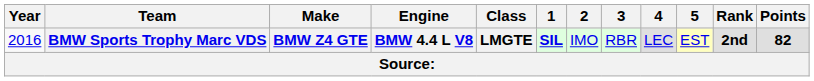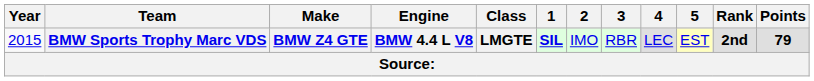 <table class="wikitable" style="text-align:center;">
 <tr>
 <th>Year</th>
 <th>Team</th>
 <th>Make</th>
 <th>Engine</th>
 <th>Class</th>
 <th>1</th>
 <th>2</th>
 <th>3</th>
 <th>4</th>
 <th>5</th>
 <th>Rank</th>
 <th>Points</th>
 </tr>
 <tr>
-<td><a href='#'>2016</a></td>
+<td><a href='#'>2015</a></td>
 <th><a href='#'>BMW Sports Trophy Marc VDS</a></th>
 <th><a href='#'>BMW Z4 GTE</a></th>
 <th><a href='#'>BMW</a> 4.4 L <a href='#'>V8</a></th>
 <th>LMGTE</th>
 <td style=background:#DFFFDF><strong><a href='#'>SIL</a><br></strong></td>
 <td style=background:#DFFFDF><a href='#'>IMO</a><br></td>
 <td style=background:#DFFFDF><a href='#'>RBR</a><br></td>
 <td style=background:#DFDFDF><a href='#'>LEC</a><br></td>
 <td style=background:#FFFFBF><a href='#'>EST</a><br></td>
 <th style=background:#DFDFDF>2nd</th>
-<th style=background:#DFDFDF>82</th>
+<th style=background:#DFDFDF>79</th>
 </tr>
 <tr>
 <th colspan="12">Source:</th>
 </tr>
 </table>
